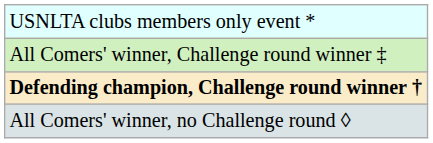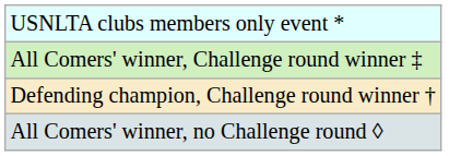 <table class="wikitable" style="font-size:90%;">
 <tr>
 <td style="background: #E0FFFF">USNLTA clubs members only event *</td>
 </tr>
 <tr>
 <td style="background: #d0f0c0">All Comers' winner, Challenge round winner ‡</td>
 </tr>
 <tr>
-<td style="background: #faecc8"><strong>Defending champion, Challenge round winner †</strong></td>
+<td style="background: #faecc8">Defending champion, Challenge round winner †</td>
 </tr>
 <tr>
 <td style="background: #dAe4e6">All Comers' winner, no Challenge round ◊</td>
 </tr>
 </table>
